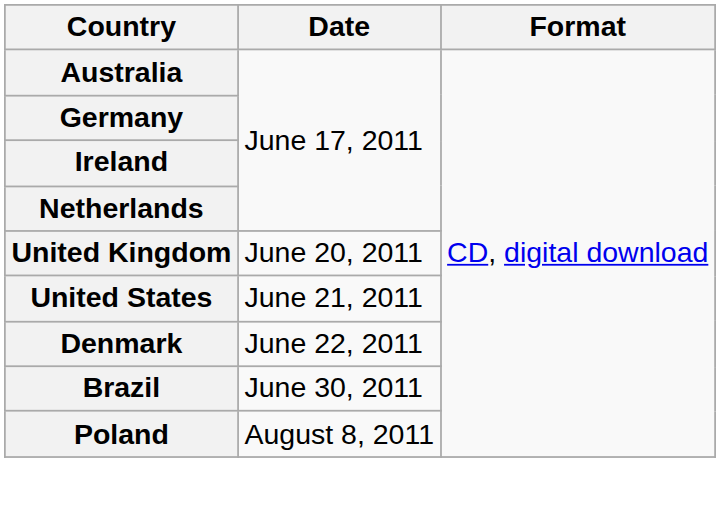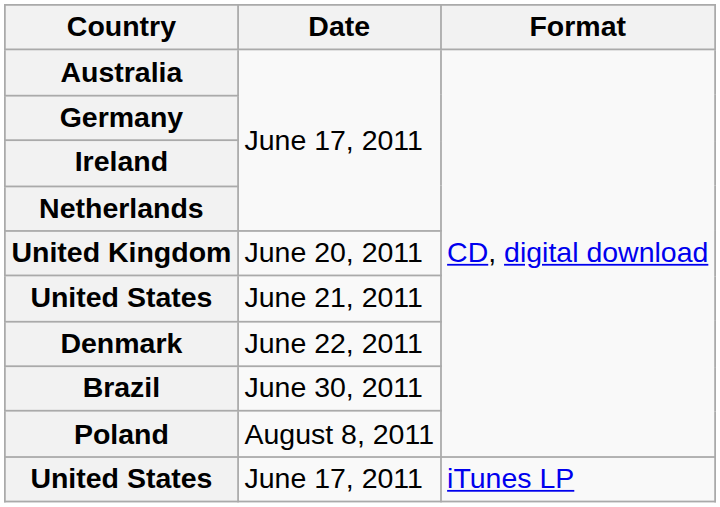 <table class="wikitable plainrowheaders">
 <tr>
 <th>Country</th>
 <th>Date</th>
 <th>Format</th>
 </tr>
 <tr>
 <th scope="row">Australia</th>
 <td rowspan="4">June 17, 2011</td>
 <td rowspan="9"><a href='#'>CD</a>, <a href='#'>digital download</a></td>
 </tr>
 <tr>
 <th scope="row">Germany</th>
 </tr>
 <tr>
 <th scope="row">Ireland</th>
 </tr>
 <tr>
 <th scope="row">Netherlands</th>
 </tr>
 <tr>
 <th scope="row">United Kingdom</th>
 <td>June 20, 2011</td>
 </tr>
 <tr>
 <th scope="row">United States</th>
 <td>June 21, 2011</td>
 </tr>
 <tr>
 <th scope="row">Denmark</th>
 <td>June 22, 2011</td>
 </tr>
 <tr>
 <th scope="row">Brazil</th>
 <td>June 30, 2011</td>
 </tr>
 <tr>
 <th scope="row">Poland</th>
 <td>August 8, 2011</td>
 </tr>
+<tr>
+<th scope="row">United States</th>
+<td>June 17, 2011</td>
+<td><a href='#'>iTunes LP</a></td>
+</tr>
 </table>
